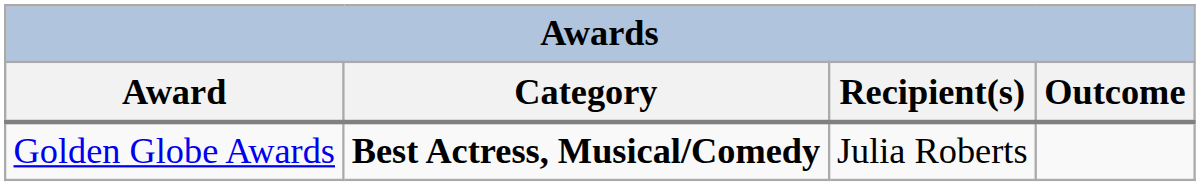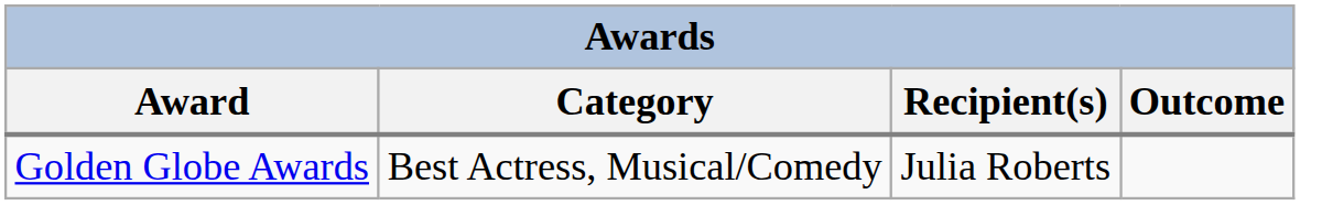 <table class="wikitable" 02px #aaa solid>
 <tr style="background:#ccc; text-align:center;">
 <th colspan="4" style="background: LightSteelBlue;">Awards</th>
 </tr>
 <tr style="background:#ccc; text-align:center;">
 <th>Award</th>
 <th>Category</th>
 <th>Recipient(s)</th>
 <th>Outcome</th>
 </tr>
 <tr style="border-top:2px solid gray;">
 <td><a href='#'>Golden Globe Awards</a></td>
-<td><strong>Best Actress, Musical/Comedy</strong></td>
+<td>Best Actress, Musical/Comedy</td>
 <td>Julia Roberts</td>
 <td></td>
 </tr>
 </table>
